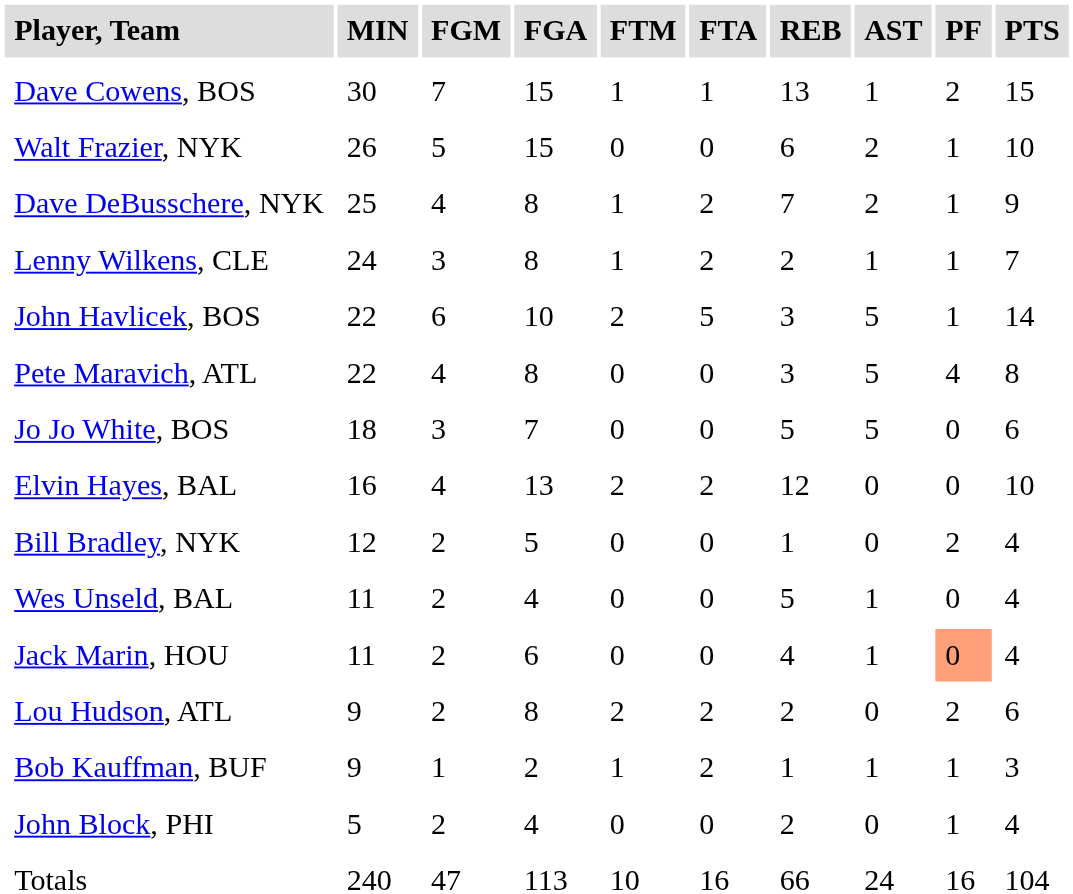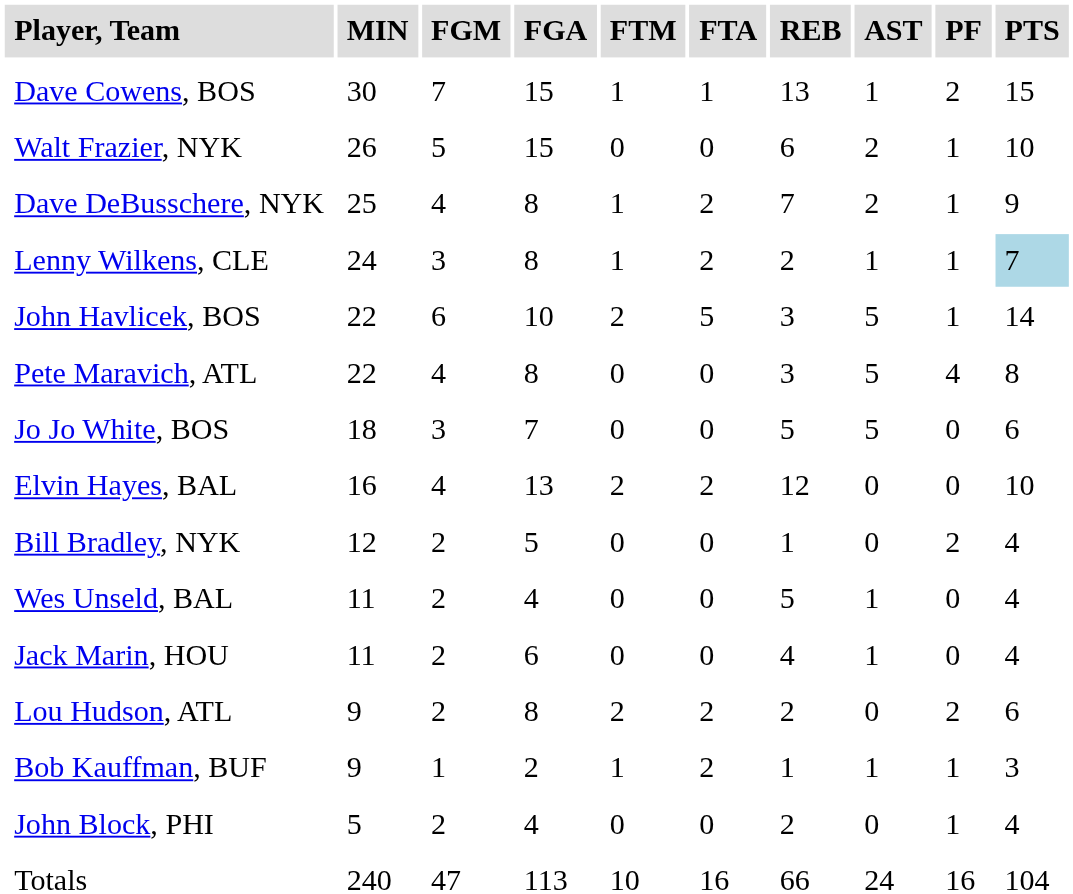 <table cellpadding=5>
 <tr bgcolor="#dddddd">
 <td><strong>Player, Team</strong></td>
 <td><strong>MIN</strong></td>
 <td><strong>FGM</strong></td>
 <td><strong>FGA</strong></td>
 <td><strong>FTM</strong></td>
 <td><strong>FTA</strong></td>
 <td><strong>REB</strong></td>
 <td><strong>AST</strong></td>
 <td><strong>PF</strong></td>
 <td><strong>PTS</strong></td>
 </tr>
 <tr bgcolor="#eeeeee">
 </tr>
 <tr>
 <td><a href='#'>Dave Cowens</a>, BOS</td>
 <td>30</td>
 <td>7</td>
 <td>15</td>
 <td>1</td>
 <td>1</td>
 <td>13</td>
 <td>1</td>
 <td>2</td>
 <td>15</td>
 </tr>
 <tr>
 <td><a href='#'>Walt Frazier</a>, NYK</td>
 <td>26</td>
 <td>5</td>
 <td>15</td>
 <td>0</td>
 <td>0</td>
 <td>6</td>
 <td>2</td>
 <td>1</td>
 <td>10</td>
 </tr>
 <tr>
 <td><a href='#'>Dave DeBusschere</a>, NYK</td>
 <td>25</td>
 <td>4</td>
 <td>8</td>
 <td>1</td>
 <td>2</td>
 <td>7</td>
 <td>2</td>
 <td>1</td>
 <td>9</td>
 </tr>
 <tr>
 <td><a href='#'>Lenny Wilkens</a>, CLE</td>
 <td>24</td>
 <td>3</td>
 <td>8</td>
 <td>1</td>
 <td>2</td>
 <td>2</td>
 <td>1</td>
 <td>1</td>
-<td>7</td>
+<td style="background: lightblue;">7</td>
 </tr>
 <tr>
 <td><a href='#'>John Havlicek</a>, BOS</td>
 <td>22</td>
 <td>6</td>
 <td>10</td>
 <td>2</td>
 <td>5</td>
 <td>3</td>
 <td>5</td>
 <td>1</td>
 <td>14</td>
 </tr>
 <tr>
 <td><a href='#'>Pete Maravich</a>, ATL</td>
 <td>22</td>
 <td>4</td>
 <td>8</td>
 <td>0</td>
 <td>0</td>
 <td>3</td>
 <td>5</td>
 <td>4</td>
 <td>8</td>
 </tr>
 <tr>
 <td><a href='#'>Jo Jo White</a>, BOS</td>
 <td>18</td>
 <td>3</td>
 <td>7</td>
 <td>0</td>
 <td>0</td>
 <td>5</td>
 <td>5</td>
 <td>0</td>
 <td>6</td>
 </tr>
 <tr>
 <td><a href='#'>Elvin Hayes</a>, BAL</td>
 <td>16</td>
 <td>4</td>
 <td>13</td>
 <td>2</td>
 <td>2</td>
 <td>12</td>
 <td>0</td>
 <td>0</td>
 <td>10</td>
 </tr>
 <tr>
 <td><a href='#'>Bill Bradley</a>, NYK</td>
 <td>12</td>
 <td>2</td>
 <td>5</td>
 <td>0</td>
 <td>0</td>
 <td>1</td>
 <td>0</td>
 <td>2</td>
 <td>4</td>
 </tr>
 <tr>
 <td><a href='#'>Wes Unseld</a>, BAL</td>
 <td>11</td>
 <td>2</td>
 <td>4</td>
 <td>0</td>
 <td>0</td>
 <td>5</td>
 <td>1</td>
 <td>0</td>
 <td>4</td>
 </tr>
 <tr>
 <td><a href='#'>Jack Marin</a>, HOU</td>
 <td>11</td>
 <td>2</td>
 <td>6</td>
 <td>0</td>
 <td>0</td>
 <td>4</td>
 <td>1</td>
-<td style="background: lightsalmon;">0</td>
+<td>0</td>
 <td>4</td>
 </tr>
 <tr>
 <td><a href='#'>Lou Hudson</a>, ATL</td>
 <td>9</td>
 <td>2</td>
 <td>8</td>
 <td>2</td>
 <td>2</td>
 <td>2</td>
 <td>0</td>
 <td>2</td>
 <td>6</td>
 </tr>
 <tr>
 <td><a href='#'>Bob Kauffman</a>, BUF</td>
 <td>9</td>
 <td>1</td>
 <td>2</td>
 <td>1</td>
 <td>2</td>
 <td>1</td>
 <td>1</td>
 <td>1</td>
 <td>3</td>
 </tr>
 <tr>
 <td><a href='#'>John Block</a>, PHI</td>
 <td>5</td>
 <td>2</td>
 <td>4</td>
 <td>0</td>
 <td>0</td>
 <td>2</td>
 <td>0</td>
 <td>1</td>
 <td>4</td>
 </tr>
 <tr>
 <td>Totals</td>
 <td>240</td>
 <td>47</td>
 <td>113</td>
 <td>10</td>
 <td>16</td>
 <td>66</td>
 <td>24</td>
 <td>16</td>
 <td>104</td>
 </tr>
 <tr>
 </tr>
 </table>
